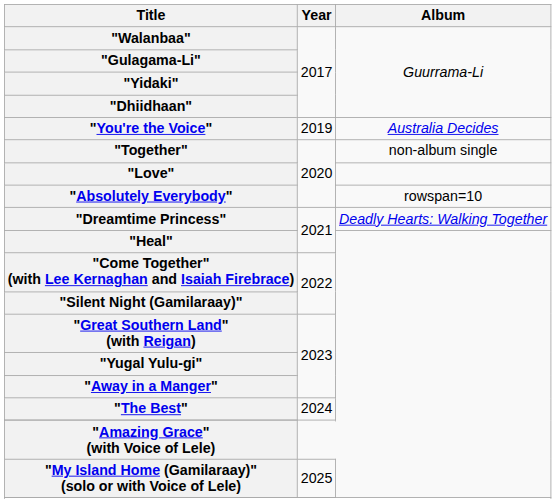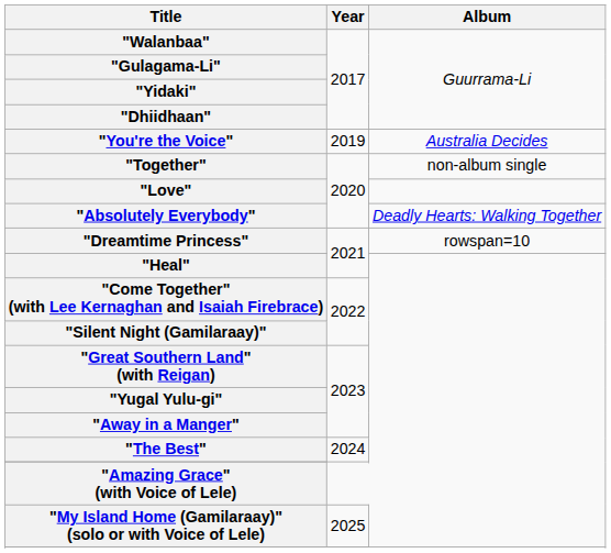 <table class="wikitable plainrowheaders" style="text-align:center;">
 <tr>
 <th>Title</th>
 <th>Year</th>
 <th>Album</th>
 </tr>
 <tr>
 <th scope="row">"Walanbaa"</th>
 <td rowspan=4>2017</td>
 <td rowspan=4><em>Guurrama-Li</em></td>
 </tr>
 <tr>
 <th scope="row">"Gulagama-Li"</th>
 </tr>
 <tr>
 <th scope="row">"Yidaki"</th>
 </tr>
 <tr>
 <th scope="row">"Dhiidhaan"</th>
 </tr>
 <tr>
 <th scope="row">"<a href='#'>You're the Voice</a>"</th>
 <td>2019</td>
 <td><em><a href='#'>Australia Decides</a></em></td>
 </tr>
 <tr>
 <th scope="row">"Together"</th>
 <td rowspan=3>2020</td>
 <td>non-album single</td>
 </tr>
 <tr>
 <th scope="row">"Love"</th>
 <td></td>
 </tr>
 <tr>
 <th scope="row">"<a href='#'>Absolutely Everybody</a>"</th>
-<td>rowspan=10  </td>
+<td><em><a href='#'>Deadly Hearts: Walking Together</a></em></td>
 </tr>
 <tr>
 <th scope="row">"Dreamtime Princess"</th>
 <td rowspan=2>2021</td>
-<td><em><a href='#'>Deadly Hearts: Walking Together</a></em></td>
+<td>rowspan=10  </td>
 </tr>
 <tr>
 <th scope="row">"Heal"</th>
 </tr>
 <tr>
 <th scope="row">"Come Together" <br> (with <a href='#'>Lee Kernaghan</a> and <a href='#'>Isaiah Firebrace</a>)</th>
 <td rowspan=2>2022</td>
 </tr>
 <tr>
 <th scope="row">"Silent Night (Gamilaraay)"</th>
 </tr>
 <tr>
 <th scope="row">"<a href='#'>Great Southern Land</a>" <br> (with <a href='#'>Reigan</a>)</th>
 <td rowspan=3>2023</td>
 </tr>
 <tr>
 <th scope="row">"Yugal Yulu-gi"</th>
 </tr>
 <tr>
 <th scope="row">"<a href='#'>Away in a Manger</a>"</th>
 </tr>
 <tr>
 <th scope="row">"<a href='#'>The Best</a>"</th>
 <td rowspan=2>2024</td>
 </tr>
 <tr>
 </tr>
 <tr>
 <th scope="row">"<a href='#'>Amazing Grace</a>" <br> (with Voice of Lele)</th>
 </tr>
 <tr>
 <th scope="row">"<a href='#'>My Island Home</a> (Gamilaraay)"<br> (solo or with Voice of Lele)</th>
 <td rowspan=1>2025</td>
 </tr>
 <tr>
 </tr>
 <tr>
 </tr>
 </table>
